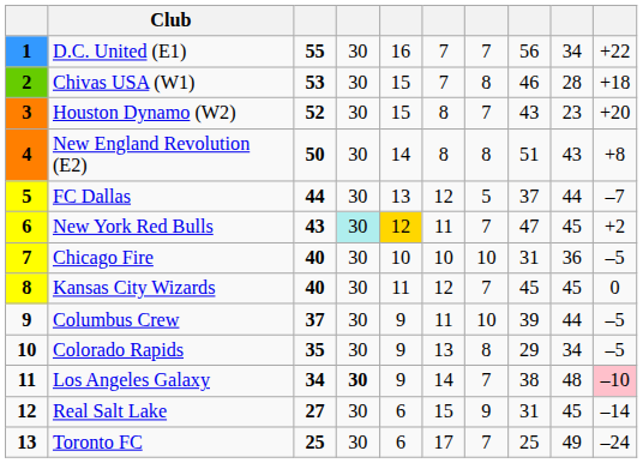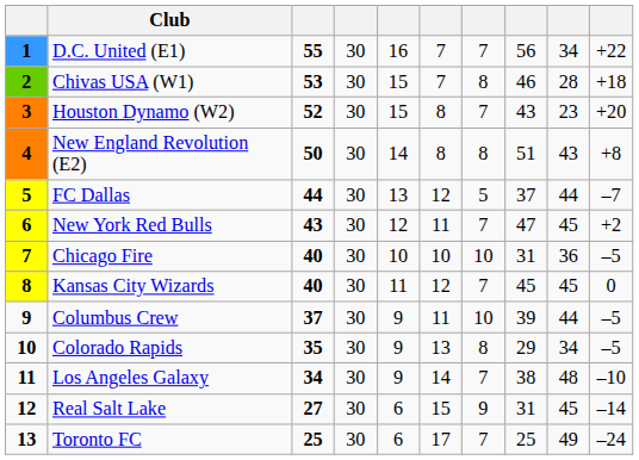 <table class="wikitable">
 <tr>
 <th width=28></th>
 <th width=195>Club</th>
 <th width=28></th>
 <th width=28></th>
 <th width=28></th>
 <th width=28></th>
 <th width=28></th>
 <th width=28></th>
 <th width=28></th>
 <th width=28></th>
 </tr>
 <tr>
 <td bgcolor=#3399FF align=center><strong>1</strong></td>
 <td><a href='#'>D.C. United</a> (E1)</td>
 <td align=center><strong>55</strong></td>
 <td align=center>30</td>
 <td align=center>16</td>
 <td align=center>7</td>
 <td align=center>7</td>
 <td align=center>56</td>
 <td align=center>34</td>
 <td align=center>+22</td>
 </tr>
 <tr>
 <td bgcolor=#66CC00 align=center><strong>2</strong></td>
 <td><a href='#'>Chivas USA</a> (W1)</td>
 <td align=center><strong>53</strong></td>
 <td align=center>30</td>
 <td align=center>15</td>
 <td align=center>7</td>
 <td align=center>8</td>
 <td align=center>46</td>
 <td align=center>28</td>
 <td align=center>+18</td>
 </tr>
 <tr>
 <td bgcolor=#FF7F00 align=center><strong>3</strong></td>
 <td><a href='#'>Houston Dynamo</a> (W2)</td>
 <td align=center><strong>52</strong></td>
 <td align=center>30</td>
 <td align=center>15</td>
 <td align=center>8</td>
 <td align=center>7</td>
 <td align=center>43</td>
 <td align=center>23</td>
 <td align=center>+20</td>
 </tr>
 <tr>
 <td bgcolor=#FF7F00 align=center><strong>4</strong></td>
 <td><a href='#'>New England Revolution</a> (E2)</td>
 <td align=center><strong>50</strong></td>
 <td align=center>30</td>
 <td align=center>14</td>
 <td align=center>8</td>
 <td align=center>8</td>
 <td align=center>51</td>
 <td align=center>43</td>
 <td align=center>+8</td>
 </tr>
 <tr>
 <td bgcolor=#FFFF00 align=center><strong>5</strong></td>
 <td><a href='#'>FC Dallas</a></td>
 <td align=center><strong>44</strong></td>
 <td align=center>30</td>
 <td align=center>13</td>
 <td align=center>12</td>
 <td align=center>5</td>
 <td align=center>37</td>
 <td align=center>44</td>
 <td align=center>–7</td>
 </tr>
 <tr>
 <td bgcolor=#FFFF00 align=center><strong>6</strong></td>
 <td><a href='#'>New York Red Bulls</a></td>
 <td align=center><strong>43</strong></td>
-<td align=center style="background: paleturquoise;">30</td>
-<td align=center style="background: gold;">12</td>
+<td align=center>30</td>
+<td align=center>12</td>
 <td align=center>11</td>
 <td align=center>7</td>
 <td align=center>47</td>
 <td align=center>45</td>
 <td align=center>+2</td>
 </tr>
 <tr>
 <td bgcolor=#FFFF00 align=center><strong>7</strong></td>
 <td><a href='#'>Chicago Fire</a></td>
 <td align=center><strong>40</strong></td>
 <td align=center>30</td>
 <td align=center>10</td>
 <td align=center>10</td>
 <td align=center>10</td>
 <td align=center>31</td>
 <td align=center>36</td>
 <td align=center>–5</td>
 </tr>
 <tr>
 <td bgcolor=#FFFF00 align=center><strong>8</strong></td>
 <td><a href='#'>Kansas City Wizards</a></td>
 <td align=center><strong>40</strong></td>
 <td align=center>30</td>
 <td align=center>11</td>
 <td align=center>12</td>
 <td align=center>7</td>
 <td align=center>45</td>
 <td align=center>45</td>
 <td align=center>0</td>
 </tr>
 <tr>
 <td align=center><strong>9</strong></td>
 <td><a href='#'>Columbus Crew</a></td>
 <td align=center><strong>37</strong></td>
 <td align=center>30</td>
 <td align=center>9</td>
 <td align=center>11</td>
 <td align=center>10</td>
 <td align=center>39</td>
 <td align=center>44</td>
 <td align=center>–5</td>
 </tr>
 <tr>
 <td align=center><strong>10</strong></td>
 <td><a href='#'>Colorado Rapids</a></td>
 <td align=center><strong>35</strong></td>
 <td align=center>30</td>
 <td align=center>9</td>
 <td align=center>13</td>
 <td align=center>8</td>
 <td align=center>29</td>
 <td align=center>34</td>
 <td align=center>–5</td>
 </tr>
 <tr>
 <td align=center><strong>11</strong></td>
 <td><a href='#'>Los Angeles Galaxy</a></td>
 <td align=center><strong>34</strong></td>
-<td align=center><strong>30</strong></td>
+<td align=center>30</td>
 <td align=center>9</td>
 <td align=center>14</td>
 <td align=center>7</td>
 <td align=center>38</td>
 <td align=center>48</td>
-<td align=center style="background: pink;">–10</td>
+<td align=center>–10</td>
 </tr>
 <tr>
 <td align=center><strong>12</strong></td>
 <td><a href='#'>Real Salt Lake</a></td>
 <td align=center><strong>27</strong></td>
 <td align=center>30</td>
 <td align=center>6</td>
 <td align=center>15</td>
 <td align=center>9</td>
 <td align=center>31</td>
 <td align=center>45</td>
 <td align=center>–14</td>
 </tr>
 <tr>
 <td align=center><strong>13</strong></td>
 <td><a href='#'>Toronto FC</a></td>
 <td align=center><strong>25</strong></td>
 <td align=center>30</td>
 <td align=center>6</td>
 <td align=center>17</td>
 <td align=center>7</td>
 <td align=center>25</td>
 <td align=center>49</td>
 <td align=center>–24</td>
 </tr>
 </table>
